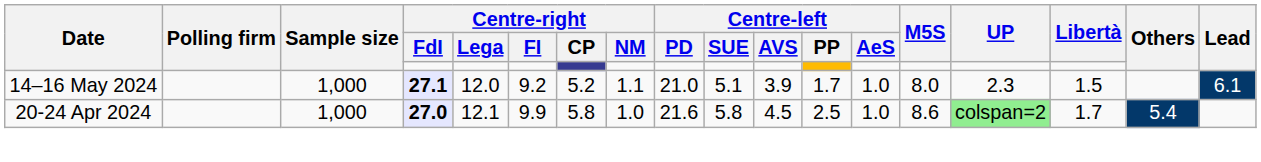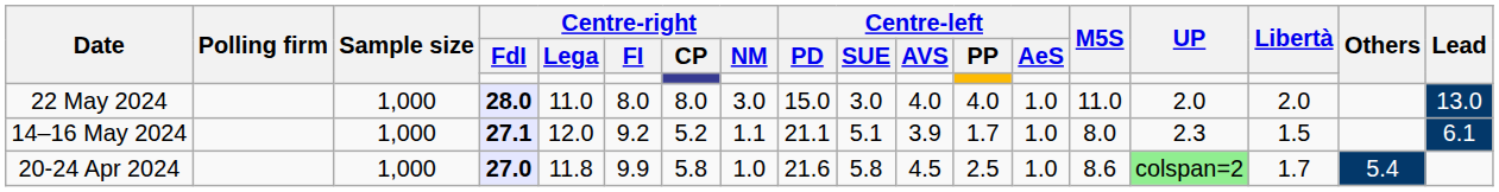 <table class=wikitable style="text-align:center;font-size:85%;line-height:13px">
 <tr>
 <th rowspan="3">Date</th>
 <th rowspan="3">Polling firm</th>
 <th rowspan="3">Sample size</th>
 <th colspan="5"><a href='#'>Centre-right</a></th>
 <th colspan="5"><a href='#'>Centre-left</a></th>
 <th rowspan="2" style="width:27px;"><a href='#'>M5S</a></th>
 <th rowspan="2" style="width:27px;"><a href='#'>UP</a></th>
 <th rowspan="2" style="width:27px;"><a href='#'>Libertà</a></th>
 <th rowspan="3">Others</th>
 <th rowspan="3">Lead</th>
 </tr>
 <tr>
 <th style="width:27px;"><a href='#'>FdI</a></th>
 <th style="width:27px;"><a href='#'>Lega</a></th>
 <th style="width:27px;"><a href='#'>FI</a></th>
 <th style="width:27px;">CP</th>
 <th style="width:27px;"><a href='#'>NM</a></th>
 <th style="width:27px;"><a href='#'>PD</a></th>
 <th style="width:27px;"><a href='#'>SUE</a></th>
 <th style="width:27px;"><a href='#'>AVS</a></th>
 <th style="width:27px;">PP</th>
 <th style="width:27px;"><a href='#'>AeS</a></th>
 </tr>
 <tr>
 <td></td>
 <td></td>
 <td></td>
 <td bgcolor="#363A91"></td>
 <td></td>
 <td></td>
 <td></td>
 <td></td>
 <td bgcolor="#FEBB00"></td>
 <td></td>
 <td></td>
 <td></td>
 <td></td>
 </tr>
 <tr>
+<td>22 May 2024</td>
+<td></td>
+<td>1,000</td>
+<td style="background:#E5E7FF;"><strong>28.0</strong></td>
+<td>11.0</td>
+<td>8.0</td>
+<td>8.0</td>
+<td>3.0</td>
+<td>15.0</td>
+<td>3.0</td>
+<td>4.0</td>
+<td>4.0</td>
+<td>1.0</td>
+<td>11.0</td>
+<td>2.0</td>
+<td>2.0</td>
+<td></td>
+<td style="background:#03386A; color:white;">13.0</td>
+</tr>
+<tr>
 <td>14–16 May 2024</td>
 <td></td>
 <td>1,000</td>
 <td style="background:#E5E7FF;"><strong>27.1</strong></td>
 <td>12.0</td>
 <td>9.2</td>
 <td>5.2</td>
 <td>1.1</td>
-<td>21.0</td>
+<td>21.1</td>
 <td>5.1</td>
 <td>3.9</td>
 <td>1.7</td>
 <td>1.0</td>
 <td>8.0</td>
 <td>2.3</td>
 <td>1.5</td>
 <td></td>
 <td style="background:#03386A; color:white;">6.1</td>
 </tr>
 <tr>
 <td>20-24 Apr 2024</td>
 <td></td>
 <td>1,000</td>
 <td style="background:#E5E7FF;"><strong>27.0</strong></td>
-<td>12.1</td>
+<td>11.8</td>
 <td>9.9</td>
 <td>5.8</td>
 <td>1.0</td>
 <td>21.6</td>
 <td>5.8</td>
 <td>4.5</td>
 <td>2.5</td>
 <td>1.0</td>
 <td>8.6</td>
 <td style="background: lightgreen;">colspan=2 </td>
 <td>1.7</td>
 <td style="background:#03386A; color:white;">5.4</td>
 </tr>
 </table>
